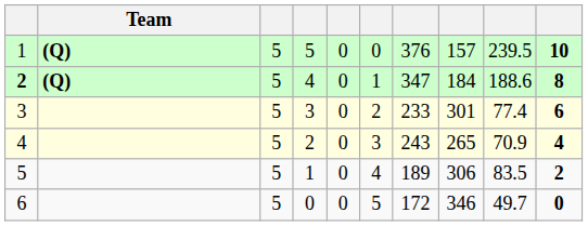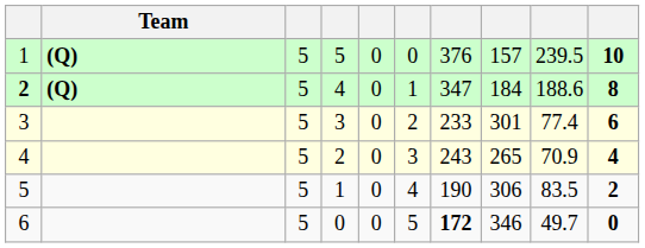 <table class=wikitable style=text-align:center>
 <tr>
 <th width=20 abbr=Position></th>
 <th width=175>Team</th>
 <th width=20 abbr=Played></th>
 <th width=20 abbr=Won></th>
 <th width=20 abbr=Drawn></th>
 <th width=20 abbr=Lost></th>
 <th width=30 abbr=Goal for></th>
 <th width=30 abbr=Goal against></th>
 <th width=30 abbr=Percentage></th>
 <th width=30 abbr=Points></th>
 </tr>
 <tr bgcolor=#CCFFCC>
 <td>1</td>
 <td align=left> <strong>(Q)</strong></td>
 <td>5</td>
 <td>5</td>
 <td>0</td>
 <td>0</td>
 <td>376</td>
 <td>157</td>
 <td>239.5</td>
 <td><strong>10</strong></td>
 </tr>
 <tr bgcolor=#CCFFCC>
 <td><strong>2</strong></td>
 <td align=left> <strong>(Q)</strong></td>
 <td>5</td>
 <td>4</td>
 <td>0</td>
 <td>1</td>
 <td>347</td>
 <td>184</td>
 <td>188.6</td>
 <td><strong>8</strong></td>
 </tr>
 <tr bgcolor=lightyellow>
 <td>3</td>
 <td align=left></td>
 <td>5</td>
 <td>3</td>
 <td>0</td>
 <td>2</td>
 <td>233</td>
 <td>301</td>
 <td>77.4</td>
 <td><strong>6</strong></td>
 </tr>
 <tr bgcolor=lightyellow>
 <td>4</td>
 <td align=left></td>
 <td>5</td>
 <td>2</td>
 <td>0</td>
 <td>3</td>
 <td>243</td>
 <td>265</td>
 <td>70.9</td>
 <td><strong>4</strong></td>
 </tr>
 <tr>
 <td>5</td>
 <td align=left></td>
 <td>5</td>
 <td>1</td>
 <td>0</td>
 <td>4</td>
-<td>189</td>
+<td>190</td>
 <td>306</td>
 <td>83.5</td>
 <td><strong>2</strong></td>
 </tr>
 <tr>
 <td>6</td>
 <td align=left></td>
 <td>5</td>
 <td>0</td>
 <td>0</td>
 <td>5</td>
-<td>172</td>
+<td><strong>172</strong></td>
 <td>346</td>
 <td>49.7</td>
 <td><strong>0</strong></td>
 </tr>
 </table>
